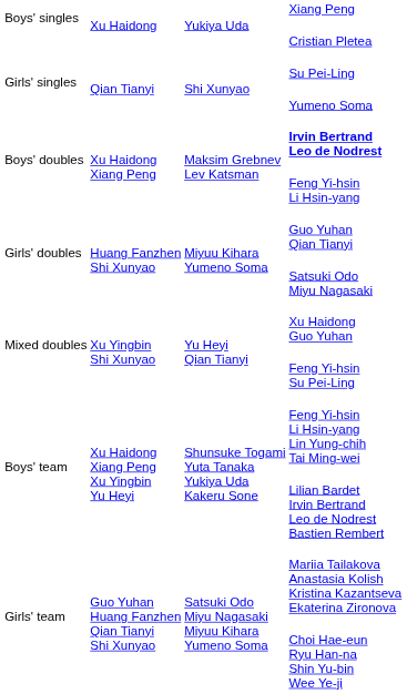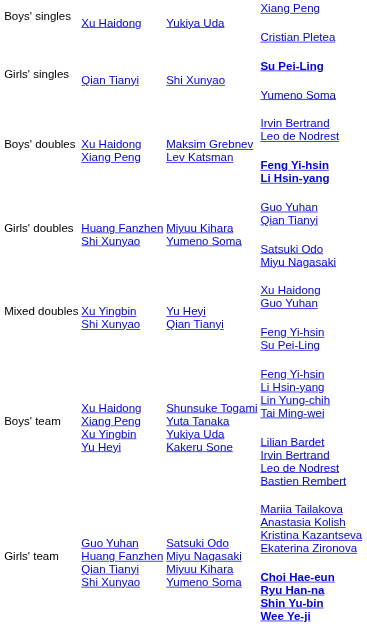 <table>
 <tr>
 <td rowspan=2>Boys' singles</td>
 <td rowspan=2><br><a href='#'>Xu Haidong</a></td>
 <td rowspan=2><br><a href='#'>Yukiya Uda</a></td>
 <td><br><a href='#'>Xiang Peng</a></td>
 </tr>
 <tr>
 <td><br><a href='#'>Cristian Pletea</a></td>
 </tr>
 <tr>
 <td rowspan=2>Girls' singles</td>
 <td rowspan=2><br><a href='#'>Qian Tianyi</a></td>
 <td rowspan=2><br><a href='#'>Shi Xunyao</a></td>
-<td><br><a href='#'>Su Pei-Ling</a></td>
+<td><strong><br><a href='#'>Su Pei-Ling</a></strong></td>
 </tr>
 <tr>
 <td><br><a href='#'>Yumeno Soma</a></td>
 </tr>
 <tr>
 <td rowspan=2>Boys' doubles</td>
 <td rowspan=2><br><a href='#'>Xu Haidong</a><br><a href='#'>Xiang Peng</a></td>
 <td rowspan=2><br><a href='#'>Maksim Grebnev</a><br><a href='#'>Lev Katsman</a></td>
-<td><strong><br><a href='#'>Irvin Bertrand</a><br><a href='#'>Leo de Nodrest</a></strong></td>
+<td><br><a href='#'>Irvin Bertrand</a><br><a href='#'>Leo de Nodrest</a></td>
 </tr>
 <tr>
-<td><br><a href='#'>Feng Yi-hsin</a><br><a href='#'>Li Hsin-yang</a></td>
+<td><strong><br><a href='#'>Feng Yi-hsin</a><br><a href='#'>Li Hsin-yang</a></strong></td>
 </tr>
 <tr>
 <td rowspan=2>Girls' doubles</td>
 <td rowspan=2><br><a href='#'>Huang Fanzhen</a><br><a href='#'>Shi Xunyao</a></td>
 <td rowspan=2><br><a href='#'>Miyuu Kihara</a><br><a href='#'>Yumeno Soma</a></td>
 <td><br><a href='#'>Guo Yuhan</a><br><a href='#'>Qian Tianyi</a></td>
 </tr>
 <tr>
 <td><br><a href='#'>Satsuki Odo</a><br><a href='#'>Miyu Nagasaki</a></td>
 </tr>
 <tr>
 <td rowspan=2>Mixed doubles</td>
 <td rowspan=2><br><a href='#'>Xu Yingbin</a><br><a href='#'>Shi Xunyao</a></td>
 <td rowspan=2><br><a href='#'>Yu Heyi</a><br><a href='#'>Qian Tianyi</a></td>
 <td><br><a href='#'>Xu Haidong</a><br><a href='#'>Guo Yuhan</a></td>
 </tr>
 <tr>
 <td><br><a href='#'>Feng Yi-hsin</a><br><a href='#'>Su Pei-Ling</a></td>
 </tr>
 <tr>
 <td rowspan=2>Boys' team</td>
 <td rowspan=2><br><a href='#'>Xu Haidong</a><br><a href='#'>Xiang Peng</a><br><a href='#'>Xu Yingbin</a><br><a href='#'>Yu Heyi</a></td>
 <td rowspan=2><br><a href='#'>Shunsuke Togami</a><br><a href='#'>Yuta Tanaka</a><br><a href='#'>Yukiya Uda</a><br><a href='#'>Kakeru Sone</a></td>
 <td><br><a href='#'>Feng Yi-hsin</a><br><a href='#'>Li Hsin-yang</a><br><a href='#'>Lin Yung-chih</a><br><a href='#'>Tai Ming-wei</a></td>
 </tr>
 <tr>
 <td><br><a href='#'>Lilian Bardet</a><br><a href='#'>Irvin Bertrand</a><br><a href='#'>Leo de Nodrest</a><br><a href='#'>Bastien Rembert</a></td>
 </tr>
 <tr>
 <td rowspan=2>Girls' team</td>
 <td rowspan=2><br><a href='#'>Guo Yuhan</a><br><a href='#'>Huang Fanzhen</a><br><a href='#'>Qian Tianyi</a><br><a href='#'>Shi Xunyao</a></td>
 <td rowspan=2><br><a href='#'>Satsuki Odo</a><br><a href='#'>Miyu Nagasaki</a><br><a href='#'>Miyuu Kihara</a><br><a href='#'>Yumeno Soma</a></td>
 <td><br><a href='#'>Mariia Tailakova</a><br><a href='#'>Anastasia Kolish</a><br><a href='#'>Kristina Kazantseva</a><br><a href='#'>Ekaterina Zironova</a></td>
 </tr>
 <tr>
-<td><br><a href='#'>Choi Hae-eun</a><br><a href='#'>Ryu Han-na</a><br><a href='#'>Shin Yu-bin</a><br><a href='#'>Wee Ye-ji</a></td>
+<td><strong><br><a href='#'>Choi Hae-eun</a><br><a href='#'>Ryu Han-na</a><br><a href='#'>Shin Yu-bin</a><br><a href='#'>Wee Ye-ji</a></strong></td>
 </tr>
 </table>
